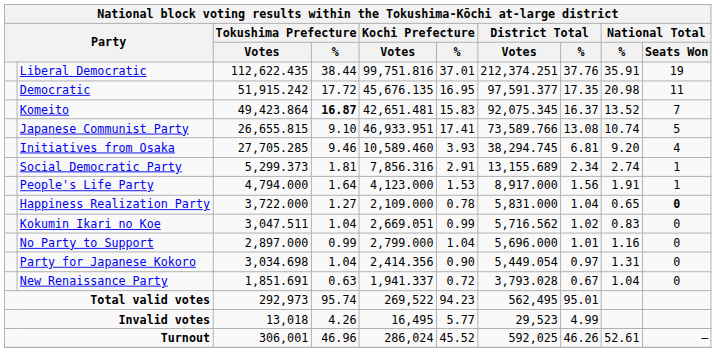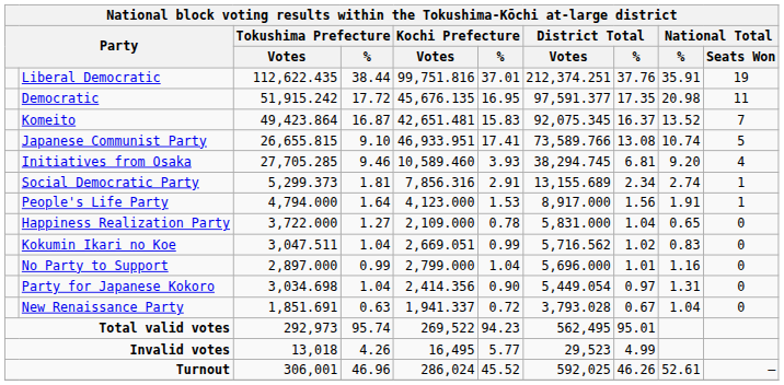 <table class="wikitable">
 <tr>
 <th colspan=10>National block voting results within the Tokushima-Kōchi at-large district</th>
 </tr>
 <tr>
 <th rowspan="2" colspan="2">Party</th>
 <th colspan="2">Tokushima Prefecture</th>
 <th colspan="2">Kochi Prefecture</th>
 <th colspan="2">District Total</th>
 <th colspan="2">National Total</th>
 </tr>
 <tr>
 <th>Votes</th>
 <th>%</th>
 <th>Votes</th>
 <th>%</th>
 <th>Votes</th>
 <th>%</th>
 <th>%</th>
 <th>Seats Won</th>
 </tr>
 <tr>
 <td style="background:"> </td>
 <td><a href='#'>Liberal Democratic</a></td>
 <td align="right">112,622.435</td>
 <td align="right">38.44</td>
 <td align="right">99,751.816</td>
 <td align="right">37.01</td>
 <td align="right">212,374.251</td>
 <td align="right">37.76</td>
 <td align="right">35.91</td>
 <td align="center">19</td>
 </tr>
 <tr>
 <td style="background:"> </td>
 <td><a href='#'>Democratic</a></td>
 <td align="right">51,915.242</td>
 <td align="right">17.72</td>
 <td align="right">45,676.135</td>
 <td align="right">16.95</td>
 <td align="right">97,591.377</td>
 <td align="right">17.35</td>
 <td align="right">20.98</td>
 <td align="center">11</td>
 </tr>
 <tr>
 <td style="background:"> </td>
 <td><a href='#'>Komeito</a></td>
 <td align="right">49,423.864</td>
-<td align="right"><strong>16.87</strong></td>
+<td align="right">16.87</td>
 <td align="right">42,651.481</td>
 <td align="right">15.83</td>
 <td align="right">92,075.345</td>
 <td align="right">16.37</td>
 <td align="right">13.52</td>
 <td align="center">7</td>
 </tr>
 <tr>
 <td style="background:"> </td>
 <td><a href='#'>Japanese Communist Party</a></td>
 <td align="right">26,655.815</td>
 <td align="right">9.10</td>
 <td align="right">46,933.951</td>
 <td align="right">17.41</td>
 <td align="right">73,589.766</td>
 <td align="right">13.08</td>
 <td align="right">10.74</td>
 <td align="center">5</td>
 </tr>
 <tr>
 <td style="background:"> </td>
 <td><a href='#'>Initiatives from Osaka</a></td>
 <td align="right">27,705.285</td>
 <td align="right">9.46</td>
 <td align="right">10,589.460</td>
 <td align="right">3.93</td>
 <td align="right">38,294.745</td>
 <td align="right">6.81</td>
 <td align="right">9.20</td>
 <td align="center">4</td>
 </tr>
 <tr>
 <td style="background:"> </td>
 <td><a href='#'>Social Democratic Party</a></td>
 <td align="right">5,299.373</td>
 <td align="right">1.81</td>
 <td align="right">7,856.316</td>
 <td align="right">2.91</td>
 <td align="right">13,155.689</td>
 <td align="right">2.34</td>
 <td align="right">2.74</td>
 <td align="center">1</td>
 </tr>
 <tr>
 <td style="background:"> </td>
 <td><a href='#'>People's Life Party</a></td>
 <td align="right">4,794.000</td>
 <td align="right">1.64</td>
 <td align="right">4,123.000</td>
 <td align="right">1.53</td>
 <td align="right">8,917.000</td>
 <td align="right">1.56</td>
 <td align="right">1.91</td>
 <td align="center">1</td>
 </tr>
 <tr>
 <td style="background:"> </td>
 <td><a href='#'>Happiness Realization Party</a></td>
 <td align="right">3,722.000</td>
 <td align="right">1.27</td>
 <td align="right">2,109.000</td>
 <td align="right">0.78</td>
 <td align="right">5,831.000</td>
 <td align="right">1.04</td>
 <td align="right">0.65</td>
-<td align="center"><strong>0</strong></td>
+<td align="center">0</td>
 </tr>
 <tr>
 <td style="background:"> </td>
 <td><a href='#'>Kokumin Ikari no Koe</a></td>
 <td align="right">3,047.511</td>
 <td align="right">1.04</td>
 <td align="right">2,669.051</td>
 <td align="right">0.99</td>
 <td align="right">5,716.562</td>
 <td align="right">1.02</td>
 <td align="right">0.83</td>
 <td align="center">0</td>
 </tr>
 <tr>
 <td style="background:"> </td>
 <td><a href='#'>No Party to Support</a></td>
 <td align="right">2,897.000</td>
 <td align="right">0.99</td>
 <td align="right">2,799.000</td>
 <td align="right">1.04</td>
 <td align="right">5,696.000</td>
 <td align="right">1.01</td>
 <td align="right">1.16</td>
 <td align="center">0</td>
 </tr>
 <tr>
 <td style="background:"> </td>
 <td><a href='#'>Party for Japanese Kokoro</a></td>
 <td align="right">3,034.698</td>
 <td align="right">1.04</td>
 <td align="right">2,414.356</td>
 <td align="right">0.90</td>
 <td align="right">5,449.054</td>
 <td align="right">0.97</td>
 <td align="right">1.31</td>
 <td align="center">0</td>
 </tr>
 <tr>
 <td style="background:"> </td>
 <td><a href='#'>New Renaissance Party</a></td>
 <td align="right">1,851.691</td>
 <td align="right">0.63</td>
 <td align="right">1,941.337</td>
 <td align="right">0.72</td>
 <td align="right">3,793.028</td>
 <td align="right">0.67</td>
 <td align="right">1.04</td>
 <td align="center">0</td>
 </tr>
 <tr>
 <td colspan="2" align="right"><strong>Total valid votes</strong></td>
 <td align="right">292,973</td>
 <td align="right">95.74</td>
 <td align="right">269,522</td>
 <td align="right">94.23</td>
 <td align="right">562,495</td>
 <td align="right">95.01</td>
 <td align="right"></td>
 <td align="right"></td>
 </tr>
 <tr>
 <td colspan="2" align="right"><strong>Invalid votes</strong></td>
 <td align="right">13,018</td>
 <td align="right">4.26</td>
 <td align="right">16,495</td>
 <td align="right">5.77</td>
 <td align="right">29,523</td>
 <td align="right">4.99</td>
 <td align="right"></td>
 <td align="right"></td>
 </tr>
 <tr>
 <td colspan="2" align="right"><strong>Turnout</strong></td>
 <td align="right">306,001</td>
 <td align="right">46.96</td>
 <td align="right">286,024</td>
 <td align="right">45.52</td>
 <td align="right">592,025</td>
 <td align="right">46.26</td>
 <td align="right">52.61</td>
 <td align="right">–</td>
 </tr>
 <tr>
 </tr>
 </table>
